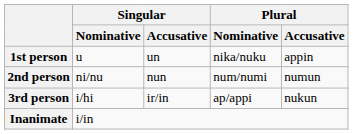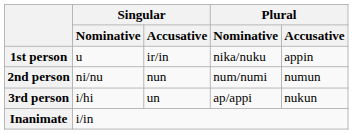 <table class="wikitable">
 <tr>
 <th rowspan="2"></th>
 <th colspan="2">Singular</th>
 <th colspan="2">Plural</th>
 </tr>
 <tr>
 <th>Nominative</th>
 <th>Accusative</th>
 <th>Nominative</th>
 <th>Accusative</th>
 </tr>
 <tr>
 <th>1st person</th>
 <td>u</td>
-<td>un</td>
+<td>ir/in</td>
 <td>nika/nuku</td>
 <td>appin</td>
 </tr>
 <tr>
 <th>2nd person</th>
 <td>ni/nu</td>
 <td>nun</td>
 <td>num/numi</td>
 <td>numun</td>
 </tr>
 <tr>
 <th>3rd person</th>
 <td>i/hi</td>
-<td>ir/in</td>
+<td>un</td>
 <td>ap/appi</td>
 <td>nukun</td>
 </tr>
 <tr>
 <th>Inanimate</th>
 <td colspan="4">i/in</td>
 </tr>
 </table>
